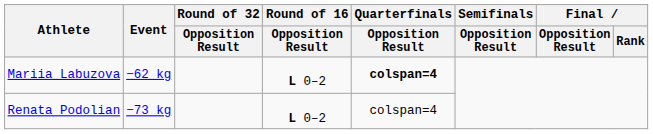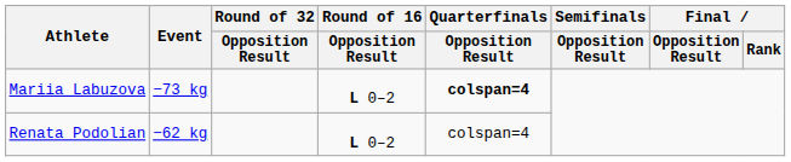 <table class="wikitable" style="font-size:90%">
 <tr>
 <th rowspan="2">Athlete</th>
 <th rowspan="2">Event</th>
 <th>Round of 32</th>
 <th>Round of 16</th>
 <th>Quarterfinals</th>
 <th>Semifinals</th>
 <th colspan=2>Final / </th>
 </tr>
 <tr style="font-size:95%">
 <th>Opposition<br>Result</th>
 <th>Opposition<br>Result</th>
 <th>Opposition<br>Result</th>
 <th>Opposition<br>Result</th>
 <th>Opposition<br>Result</th>
 <th>Rank</th>
 </tr>
 <tr align=center>
 <td align=left><a href='#'>Mariia Labuzova</a></td>
-<td align=left><a href='#'>−62 kg</a></td>
+<td align=left><a href='#'>−73 kg</a></td>
 <td></td>
 <td><br><strong>L</strong> 0–2</td>
 <td><strong>colspan=4 </strong></td>
 </tr>
 <tr align=center>
 <td align=left><a href='#'>Renata Podolian</a></td>
-<td align=left><a href='#'>−73 kg</a></td>
+<td align=left><a href='#'>−62 kg</a></td>
 <td></td>
 <td><br><strong>L</strong> 0–2</td>
 <td>colspan=4 </td>
 </tr>
 </table>
